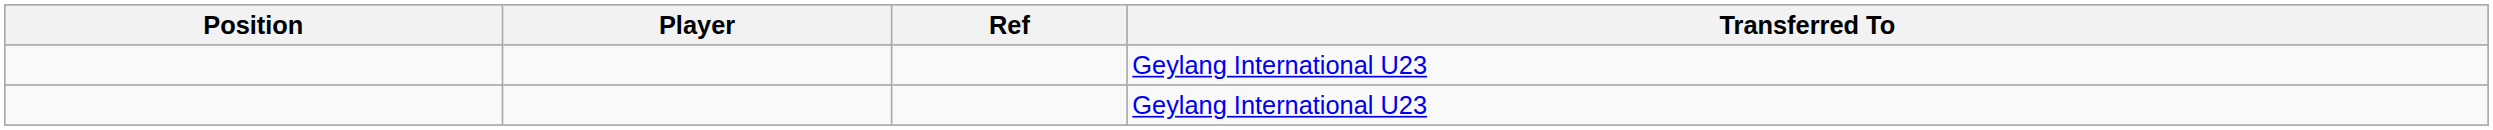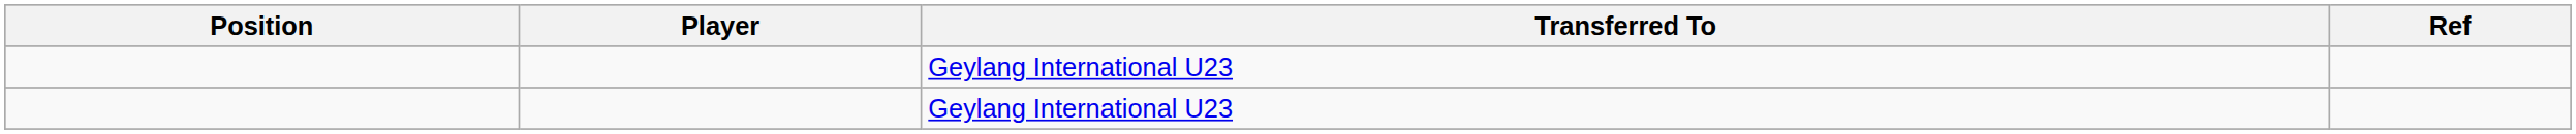 <table class="wikitable sortable" style="width:75%; text-align:center; font-size:95%; text-align:left;">
 <tr>
 <th><strong>Position</strong></th>
 <th><strong>Player</strong></th>
+<th><strong>Transferred To</strong></th>
 <th><strong>Ref</strong></th>
-<th><strong>Transferred To</strong></th>
 </tr>
 <tr>
 <td></td>
 <td></td>
+<td> <a href='#'>Geylang International U23</a></td>
 <td></td>
-<td> <a href='#'>Geylang International U23</a></td>
 </tr>
 <tr>
 <td></td>
 <td></td>
+<td> <a href='#'>Geylang International U23</a></td>
 <td></td>
-<td> <a href='#'>Geylang International U23</a></td>
 </tr>
 </table>
